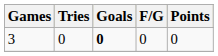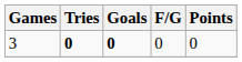 <table class="wikitable">
 <tr bgcolor=#bdb76b>
 <th>Games</th>
 <th>Tries</th>
 <th>Goals</th>
 <th>F/G</th>
 <th>Points</th>
 </tr>
 <tr>
 <td>3</td>
-<td>0</td>
+<td><strong>0</strong></td>
 <td><strong>0</strong></td>
 <td>0</td>
 <td>0</td>
 </tr>
 <tr>
 </tr>
 </table>
